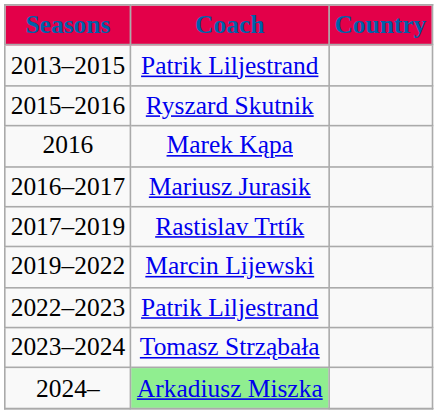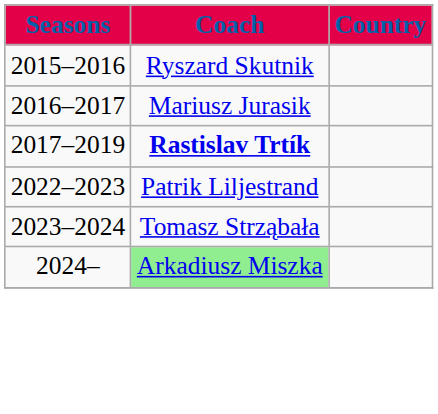 <table class="wikitable" style="text-align: center">
 <tr>
 <th style="color:#0061A9; background:#E30049">Seasons</th>
 <th style="color:#0061A9; background:#E30049">Coach</th>
 <th style="color:#0061A9; background:#E30049">Country</th>
 </tr>
 <tr>
-<td style="text-align: center">2013–2015</td>
-<td style="text-align: center"><a href='#'>Patrik Liljestrand</a></td>
-<td style="text-align: center"></td>
-</tr>
-<tr>
 <td style="text-align: center">2015–2016</td>
 <td style="text-align: center"><a href='#'>Ryszard Skutnik</a></td>
-<td style="text-align: center"></td>
-</tr>
-<tr>
-<td style="text-align: center">2016</td>
-<td style="text-align: center"><a href='#'>Marek Kąpa</a></td>
 <td style="text-align: center"></td>
 </tr>
 <tr>
 <td style="text-align: center">2016–2017</td>
 <td style="text-align: center"><a href='#'>Mariusz Jurasik</a></td>
 <td style="text-align: center"></td>
 </tr>
 <tr>
 <td style="text-align: center">2017–2019</td>
-<td style="text-align: center"><a href='#'>Rastislav Trtík</a></td>
-<td style="text-align: center"></td>
-</tr>
-<tr>
-<td style="text-align: center">2019–2022</td>
-<td style="text-align: center"><a href='#'>Marcin Lijewski</a></td>
+<td style="text-align: center"><strong><a href='#'>Rastislav Trtík</a></strong></td>
 <td style="text-align: center"></td>
 </tr>
 <tr>
 <td style="text-align: center">2022–2023</td>
 <td style="text-align: center"><a href='#'>Patrik Liljestrand</a></td>
 <td style="text-align: center"></td>
 </tr>
 <tr>
 <td style="text-align: center">2023–2024</td>
 <td style="text-align: center"><a href='#'>Tomasz Strząbała</a></td>
 <td style="text-align: center"></td>
 </tr>
 <tr>
 <td style="text-align: center">2024–</td>
 <td style="background: lightgreen; text-align: center"><a href='#'>Arkadiusz Miszka</a></td>
 <td style="text-align: center"></td>
 </tr>
 <tr>
 </tr>
 </table>
